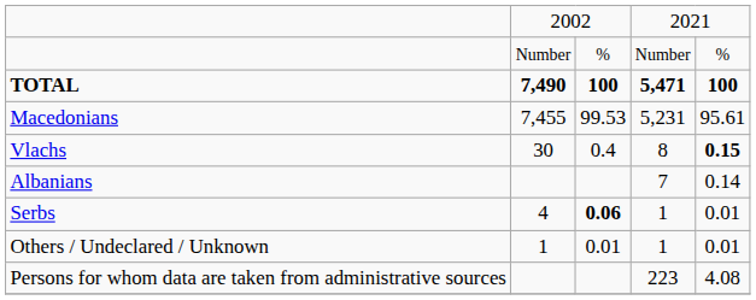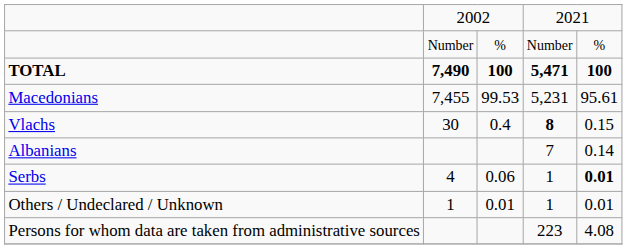 <table class="wikitable">
 <tr>
 <td></td>
 <td colspan="2" align="center">2002</td>
 <td colspan="2" align="center">2021</td>
 </tr>
 <tr>
 <td></td>
 <td align="center"><small>Number</small></td>
 <td align="center"><small>%</small></td>
 <td align="center"><small>Number</small></td>
 <td align="center"><small>%</small></td>
 </tr>
 <tr>
 <td><strong>TOTAL</strong></td>
 <td align="center"><strong>7,490</strong></td>
 <td align="center"><strong>100</strong></td>
 <td align="center"><strong>5,471</strong></td>
 <td align="center"><strong>100</strong></td>
 </tr>
 <tr>
 <td><a href='#'>Macedonians</a></td>
 <td align="center">7,455</td>
 <td align="center">99.53</td>
 <td align="center">5,231</td>
 <td align="center">95.61</td>
 </tr>
 <tr>
 <td><a href='#'>Vlachs</a></td>
 <td align="center">30</td>
 <td align="center">0.4</td>
-<td align="center">8</td>
-<td align="center"><strong>0.15</strong></td>
+<td align="center"><strong>8</strong></td>
+<td align="center">0.15</td>
 </tr>
 <tr>
 <td><a href='#'>Albanians</a></td>
 <td align="center"></td>
 <td align="center"></td>
 <td align="center">7</td>
 <td align="center">0.14</td>
 </tr>
 <tr>
 <td><a href='#'>Serbs</a></td>
 <td align="center">4</td>
-<td align="center"><strong>0.06</strong></td>
+<td align="center">0.06</td>
 <td align="center">1</td>
-<td align="center">0.01</td>
+<td align="center"><strong>0.01</strong></td>
 </tr>
 <tr>
 <td>Others / Undeclared / Unknown</td>
 <td align="center">1</td>
 <td align="center">0.01</td>
 <td align="center">1</td>
 <td align="center">0.01</td>
 </tr>
 <tr>
 <td>Persons for whom data are taken from administrative sources</td>
 <td></td>
 <td></td>
 <td align="center">223</td>
 <td align="center">4.08</td>
 </tr>
 <tr>
 </tr>
 </table>
